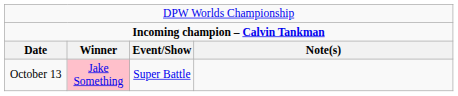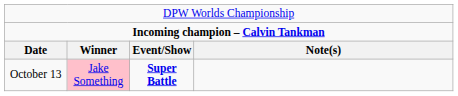 <table class="wikitable" style="text-align:center; width:100%;">
 <tr>
 <td colspan="4" style="text-align: center;"><a href='#'>DPW Worlds Championship</a></td>
 </tr>
 <tr>
 <td colspan="4" style="text-align: center;"><strong>Incoming champion – <a href='#'>Calvin Tankman</a></strong></td>
 </tr>
 <tr>
 <th width=14%>Date</th>
 <th width=14%>Winner</th>
 <th width=14%>Event/Show</th>
 <th width=58%>Note(s)</th>
 </tr>
 <tr>
 <td>October 13<br></td>
 <td style="background: pink;"><a href='#'>Jake Something</a></td>
-<td><a href='#'>Super Battle</a></td>
+<td><strong><a href='#'>Super Battle</a></strong></td>
 <td></td>
 </tr>
 </table>
